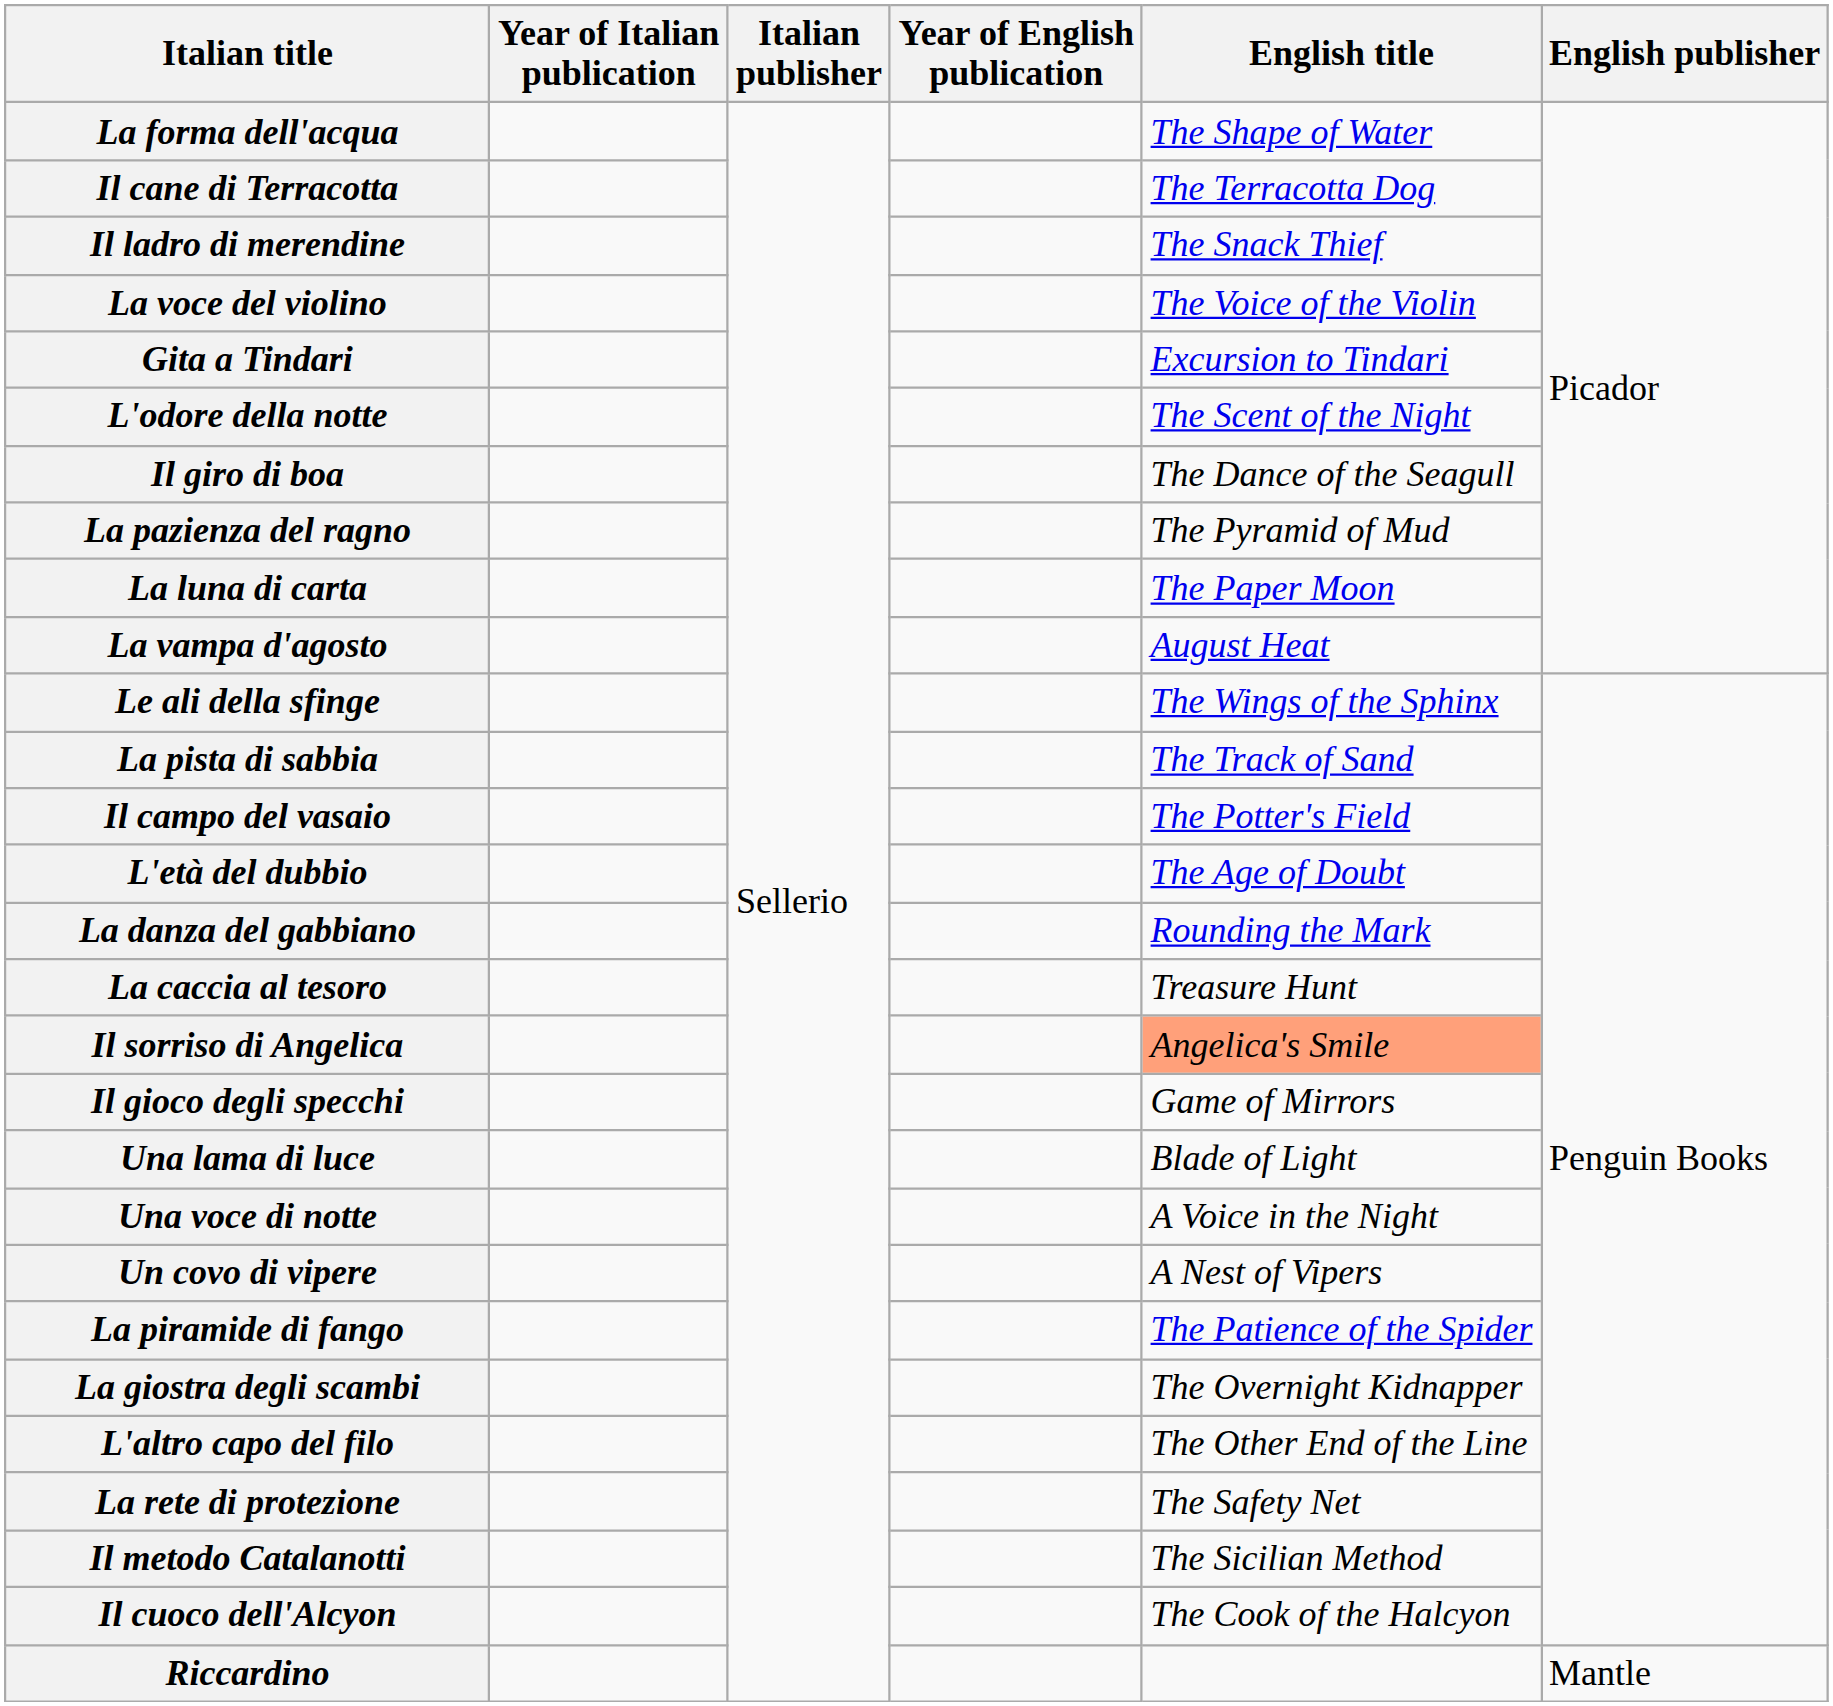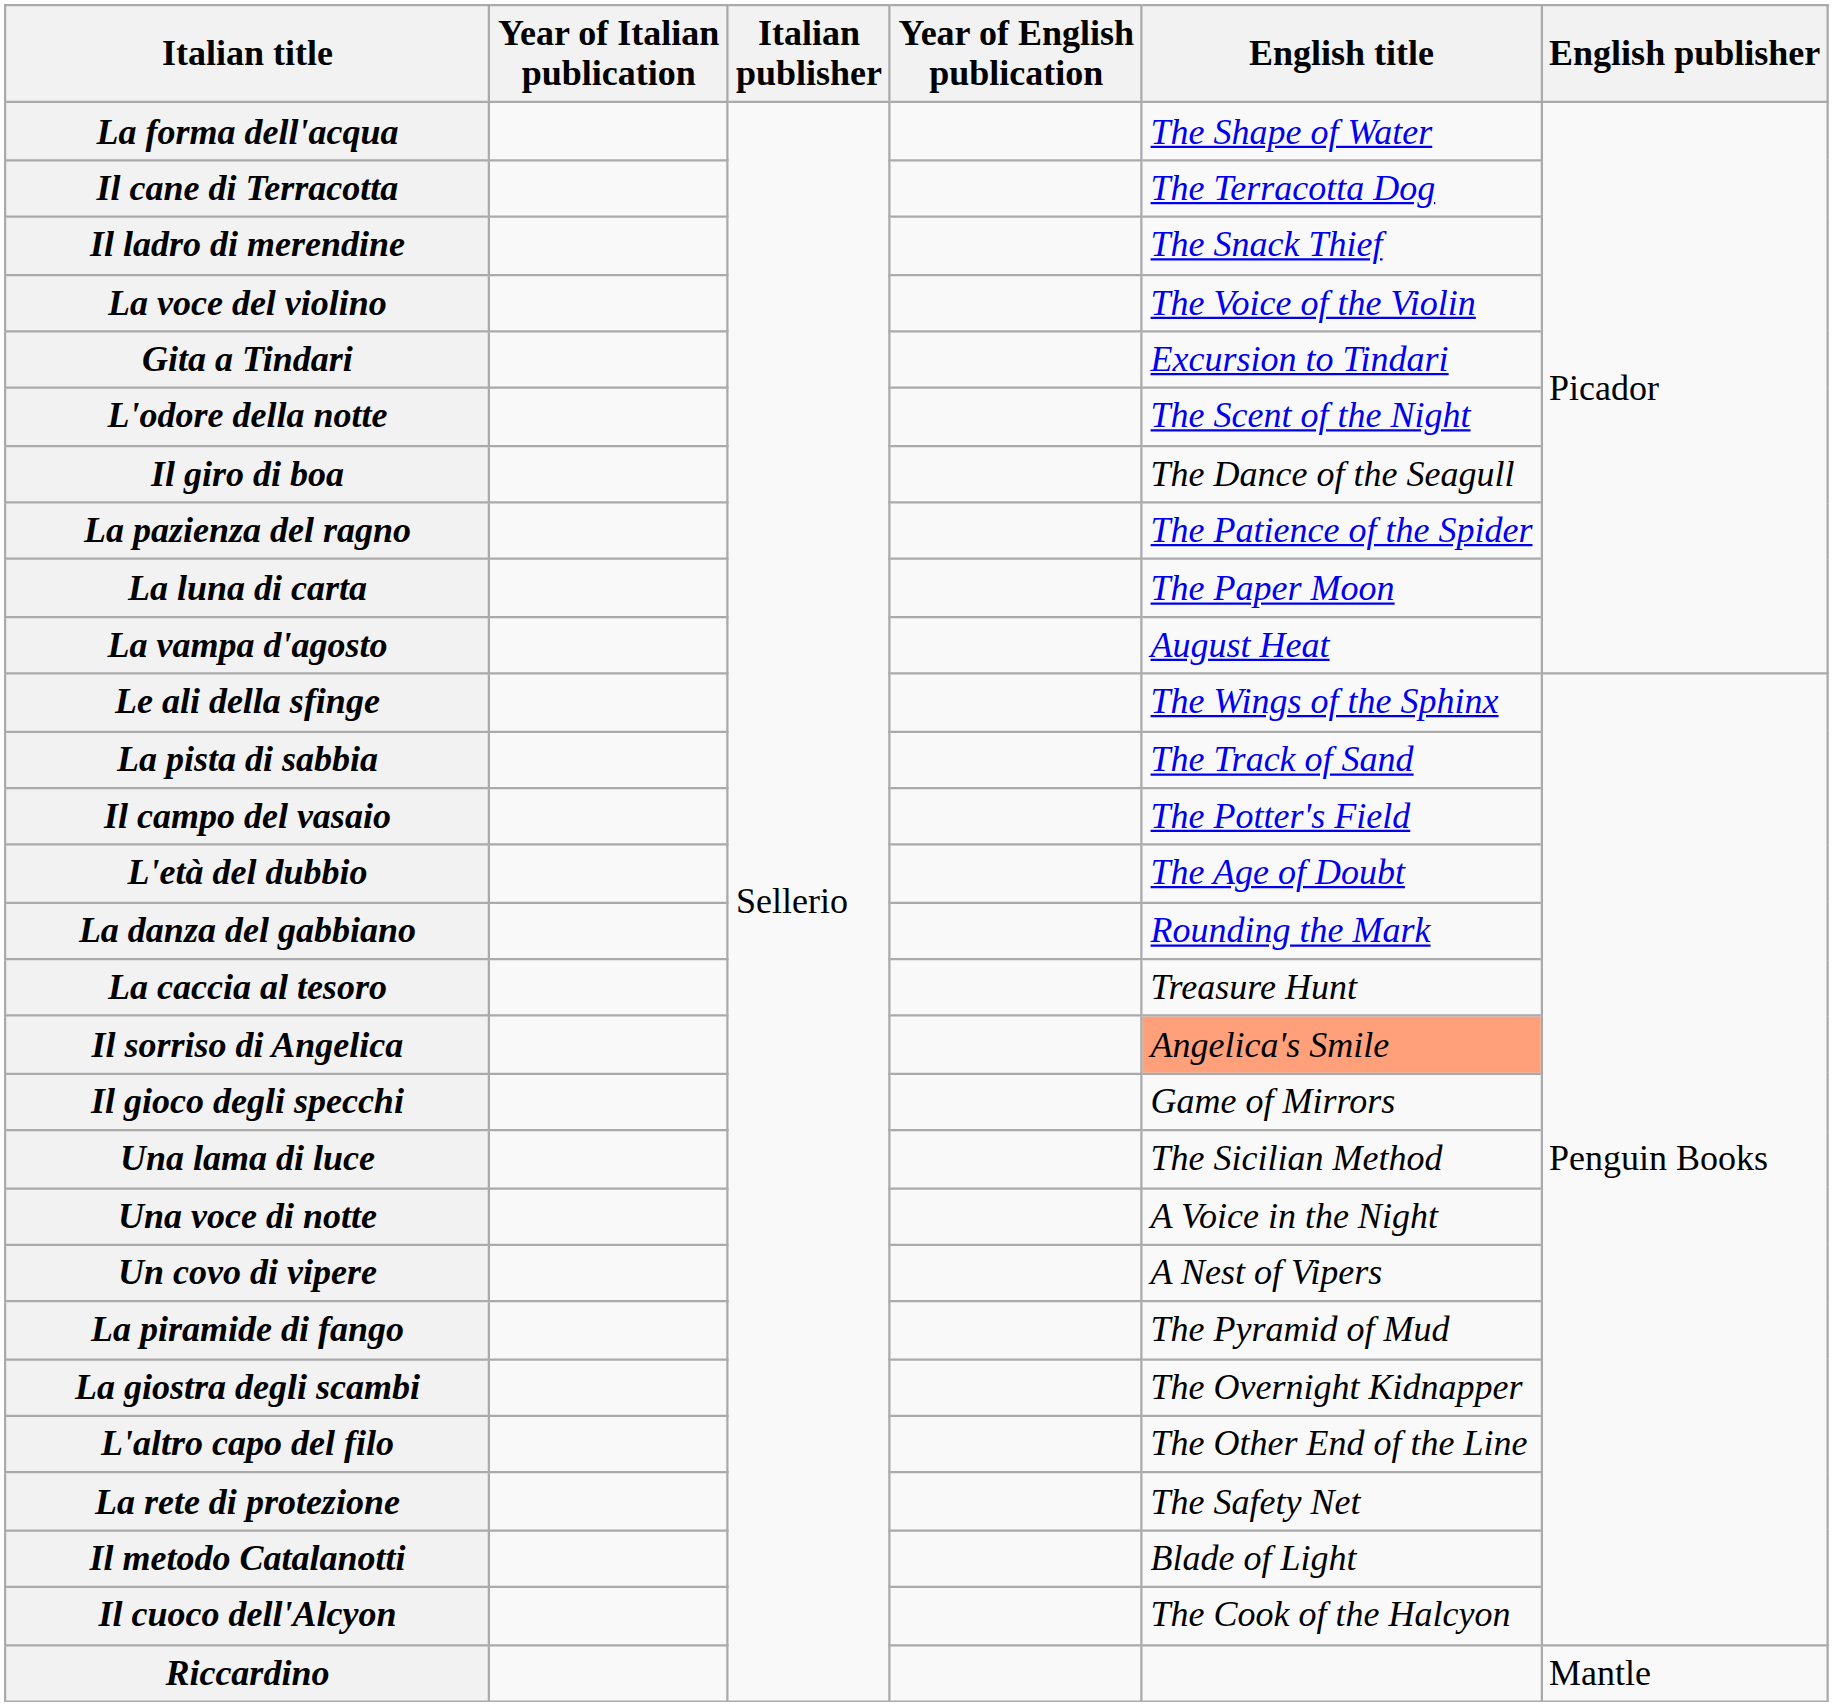 <table class="wikitable plainrowheaders sortable" style="margin-right: 0;">
 <tr>
 <th scope="col" style="width: 13em;">Italian title</th>
 <th scope="col">Year of Italian<br>publication</th>
 <th scope="col">Italian<br>publisher</th>
 <th scope="col">Year of English<br>publication</th>
 <th scope="col">English title</th>
 <th scope="col">English publisher</th>
 </tr>
 <tr>
 <th scope="row"><em>La forma dell'acqua</em></th>
 <td></td>
 <td rowspan = "28">Sellerio</td>
 <td></td>
 <td><em><a href='#'>The Shape of Water</a></em></td>
 <td rowspan = "10">Picador</td>
 </tr>
 <tr>
 <th scope="row"><em>Il cane di Terracotta</em></th>
 <td></td>
 <td></td>
 <td><em><a href='#'>The Terracotta Dog</a></em></td>
 </tr>
 <tr>
 <th scope="row"><em>Il ladro di merendine</em></th>
 <td></td>
 <td></td>
 <td><em><a href='#'>The Snack Thief</a></em></td>
 </tr>
 <tr>
 <th scope="row"><em>La voce del violino</em></th>
 <td></td>
 <td></td>
 <td><em><a href='#'>The Voice of the Violin</a></em></td>
 </tr>
 <tr>
 <th scope="row"><em>Gita a Tindari</em></th>
 <td></td>
 <td></td>
 <td><em><a href='#'>Excursion to Tindari</a></em></td>
 </tr>
 <tr>
 <th scope="row"><em>L'odore della notte</em></th>
 <td></td>
 <td></td>
 <td><em><a href='#'>The Scent of the Night</a></em></td>
 </tr>
 <tr>
 <th scope="row"><em>Il giro di boa</em></th>
 <td></td>
 <td></td>
 <td><em>The Dance of the Seagull</em></td>
 </tr>
 <tr>
 <th scope="row"><em>La pazienza del ragno</em></th>
 <td></td>
 <td></td>
-<td><em>The Pyramid of Mud</em></td>
+<td><em><a href='#'>The Patience of the Spider</a></em></td>
 </tr>
 <tr>
 <th scope="row"><em>La luna di carta</em></th>
 <td></td>
 <td></td>
 <td><em><a href='#'>The Paper Moon</a></em></td>
 </tr>
 <tr>
 <th scope="row"><em>La vampa d'agosto</em></th>
 <td></td>
 <td></td>
 <td><em><a href='#'>August Heat</a></em></td>
 </tr>
 <tr>
 <th scope="row"><em>Le ali della sfinge</em></th>
 <td></td>
 <td></td>
 <td><em><a href='#'>The Wings of the Sphinx</a></em></td>
 <td rowspan = "17">Penguin Books</td>
 </tr>
 <tr>
 <th scope="row"><em>La pista di sabbia</em></th>
 <td></td>
 <td></td>
 <td><em><a href='#'>The Track of Sand</a></em></td>
 </tr>
 <tr>
 <th scope="row"><em>Il campo del vasaio</em></th>
 <td></td>
 <td></td>
 <td><em><a href='#'>The Potter's Field</a></em></td>
 </tr>
 <tr>
 <th scope="row"><em>L'età del dubbio</em></th>
 <td></td>
 <td></td>
 <td><em><a href='#'>The Age of Doubt</a></em></td>
 </tr>
 <tr>
 <th scope="row"><em>La danza del gabbiano</em></th>
 <td></td>
 <td></td>
 <td><em><a href='#'>Rounding the Mark</a></em></td>
 </tr>
 <tr>
 <th scope="row"><em>La caccia al tesoro</em></th>
 <td></td>
 <td></td>
 <td><em>Treasure Hunt</em></td>
 </tr>
 <tr>
 <th scope="row"><em>Il sorriso di Angelica</em></th>
 <td></td>
 <td></td>
 <td style="background: lightsalmon;"><em>Angelica's Smile</em></td>
 </tr>
 <tr>
 <th scope="row"><em>Il gioco degli specchi</em></th>
 <td></td>
 <td></td>
 <td><em>Game of Mirrors</em></td>
 </tr>
 <tr>
 <th scope="row"><em>Una lama di luce</em></th>
 <td></td>
 <td></td>
-<td><em>Blade of Light</em></td>
+<td><em>The Sicilian Method</em></td>
 </tr>
 <tr>
 <th scope="row"><em>Una voce di notte</em></th>
 <td></td>
 <td></td>
 <td><em>A Voice in the Night</em></td>
 </tr>
 <tr>
 <th scope="row"><em>Un covo di vipere</em></th>
 <td></td>
 <td></td>
 <td><em>A Nest of Vipers</em></td>
 </tr>
 <tr>
 <th scope="row"><em>La piramide di fango</em></th>
 <td></td>
 <td></td>
-<td><em><a href='#'>The Patience of the Spider</a></em></td>
+<td><em>The Pyramid of Mud</em></td>
 </tr>
 <tr>
 <th scope="row"><em>La giostra degli scambi</em></th>
 <td></td>
 <td></td>
 <td><em>The Overnight Kidnapper</em></td>
 </tr>
 <tr>
 <th scope="row"><em>L'altro capo del filo</em></th>
 <td></td>
 <td></td>
 <td><em>The Other End of the Line</em></td>
 </tr>
 <tr>
 <th scope="row"><em>La rete di protezione</em></th>
 <td></td>
 <td></td>
 <td><em>The Safety Net</em></td>
 </tr>
 <tr>
 <th scope="row"><em>Il metodo Catalanotti</em></th>
 <td></td>
 <td></td>
-<td><em>The Sicilian Method</em></td>
+<td><em>Blade of Light</em></td>
 </tr>
 <tr>
 <th scope="row"><em>Il cuoco dell'Alcyon</em></th>
 <td></td>
 <td></td>
 <td><em>The Cook of the Halcyon</em></td>
 </tr>
 <tr>
 <th scope="row"><em>Riccardino</em></th>
 <td></td>
 <td></td>
 <td><em></em></td>
 <td>Mantle</td>
 </tr>
 </table>
